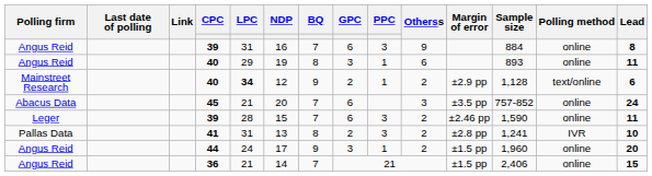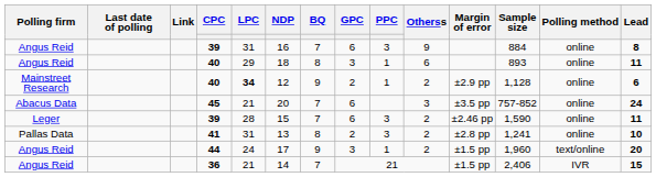 <table class="wikitable sortable mw-datatable" style="text-align:center;font-size:90%;line-height:14px;">
 <tr style="height:40px;">
 <th style="width:105px;" rowspan="2">Polling firm</th>
 <th style="width:105px;" rowspan="2">Last date<br>of polling</th>
 <th rowspan="2">Link</th>
 <th style="width:40px;"><a href='#'>CPC</a></th>
 <th style="width:40px;"><a href='#'>LPC</a></th>
 <th style="width:40px;"><a href='#'>NDP</a></th>
 <th style="width:40px;"><a href='#'>BQ</a></th>
 <th style="width:40px;"><a href='#'>GPC</a></th>
 <th style="width:40px;"><a href='#'>PPC</a></th>
 <th rowspan="2" style="width:40px"><a href='#'>Others</a>s</th>
 <th rowspan="2">Margin<br>of error</th>
 <th rowspan="2">Sample<br>size</th>
 <th rowspan="2">Polling method</th>
 <th rowspan="2">Lead</th>
 </tr>
 <tr class="sorttop">
 <th style="background:"></th>
 <th style="background:"></th>
 <th style="background:"></th>
 <th style="background:"></th>
 <th style="background:"></th>
 <th style="background:"></th>
 </tr>
 <tr>
 <td><a href='#'>Angus Reid</a></td>
 <td></td>
 <td></td>
 <td><strong>39</strong></td>
 <td>31</td>
 <td>16</td>
 <td>7</td>
 <td>6</td>
 <td>3</td>
 <td>9</td>
 <td></td>
 <td>884</td>
 <td>online</td>
 <td><strong>8</strong></td>
 </tr>
 <tr>
 <td><a href='#'>Angus Reid</a></td>
 <td></td>
 <td></td>
 <td><strong>40</strong></td>
 <td>29</td>
-<td>19</td>
+<td>18</td>
 <td>8</td>
 <td>3</td>
 <td>1</td>
 <td>6</td>
 <td></td>
 <td>893</td>
 <td>online</td>
 <td><strong>11</strong></td>
 </tr>
 <tr>
 <td><a href='#'>Mainstreet Research</a></td>
 <td></td>
 <td></td>
 <td><strong>40</strong></td>
 <td><strong>34</strong></td>
 <td>12</td>
 <td>9</td>
 <td>2</td>
 <td>1</td>
 <td>2</td>
 <td>±2.9 pp</td>
 <td>1,128</td>
-<td>text/online</td>
+<td>online</td>
 <td><strong>6</strong></td>
 </tr>
 <tr>
 <td><a href='#'>Abacus Data</a></td>
 <td></td>
 <td></td>
 <td><strong>45</strong></td>
 <td>21</td>
 <td>20</td>
 <td>7</td>
 <td>6</td>
 <td></td>
 <td>3</td>
 <td>±3.5 pp</td>
 <td>757-852</td>
 <td>online</td>
 <td><strong>24</strong></td>
 </tr>
 <tr>
 <td><a href='#'>Leger</a></td>
 <td></td>
 <td></td>
 <td><strong>39</strong></td>
 <td>28</td>
 <td>15</td>
 <td>7</td>
 <td>6</td>
 <td>3</td>
 <td>2</td>
 <td>±2.46 pp</td>
 <td>1,590</td>
 <td>online</td>
 <td><strong>11</strong></td>
 </tr>
 <tr>
 <td>Pallas Data</td>
 <td></td>
 <td></td>
 <td><strong>41</strong></td>
 <td>31</td>
 <td>13</td>
 <td>8</td>
 <td>2</td>
 <td>3</td>
 <td>2</td>
 <td>±2.8 pp</td>
 <td>1,241</td>
-<td>IVR</td>
+<td>online</td>
 <td><strong>10</strong></td>
 </tr>
 <tr>
 <td><a href='#'>Angus Reid</a></td>
 <td></td>
 <td></td>
 <td><strong>44</strong></td>
 <td>24</td>
 <td>17</td>
 <td>9</td>
 <td>3</td>
 <td>1</td>
 <td>2</td>
 <td>±1.5 pp</td>
 <td>1,960</td>
-<td>online</td>
+<td>text/online</td>
 <td><strong>20</strong></td>
 </tr>
 <tr>
 <td><a href='#'>Angus Reid</a></td>
 <td></td>
 <td></td>
 <td><strong>36</strong></td>
 <td>21</td>
 <td>14</td>
 <td>7</td>
 <td colspan=3>21</td>
 <td>±1.5 pp</td>
 <td>2,406</td>
-<td>online</td>
+<td>IVR</td>
 <td><strong>15</strong></td>
 </tr>
 </table>
